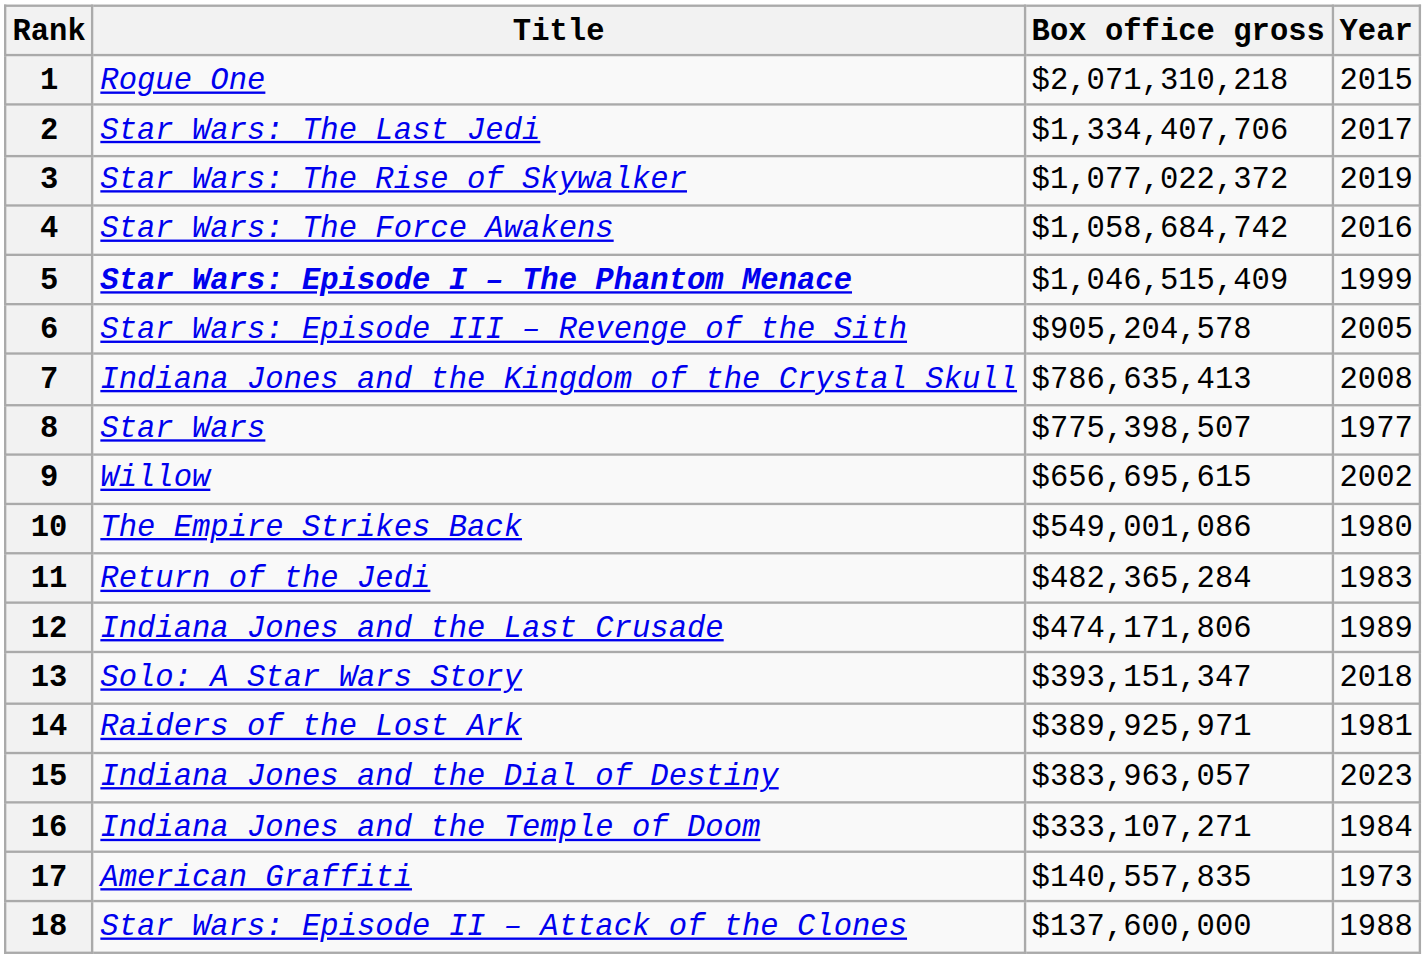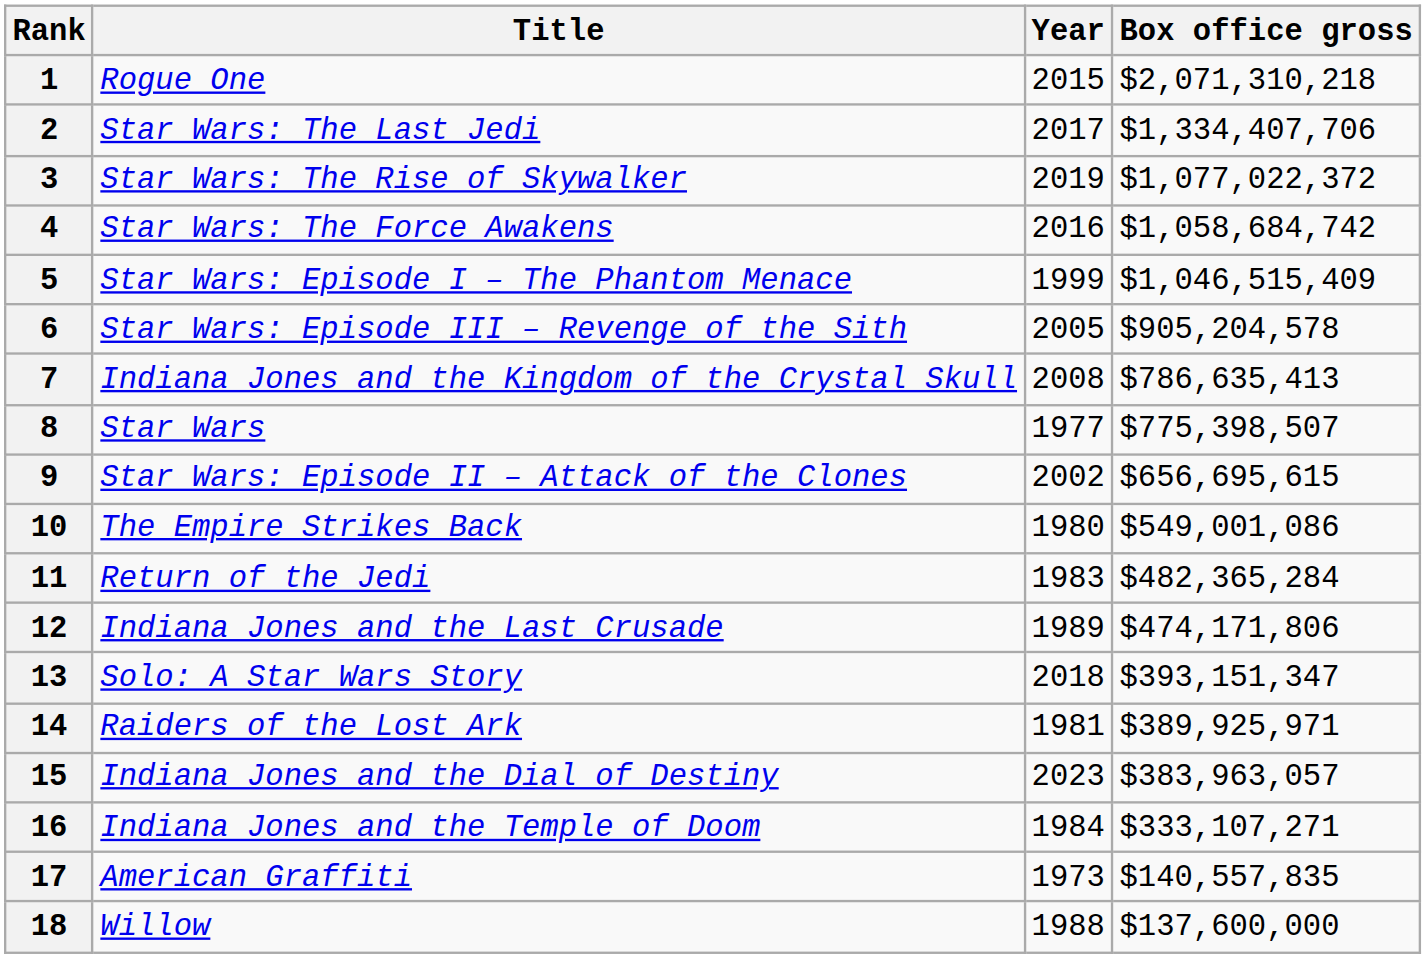 <table class="wikitable sortable" style="display:inline-table;">
 <tr>
 <th scope="col">Rank</th>
 <th scope="col">Title</th>
+<th scope="col">Year</th>
 <th scope="col">Box office gross</th>
-<th scope="col">Year</th>
 </tr>
 <tr>
 <th>1</th>
 <td><em><a href='#'>Rogue One</a></em></td>
+<td>2015</td>
 <td>$2,071,310,218</td>
-<td>2015</td>
 </tr>
 <tr>
 <th>2</th>
 <td><em><a href='#'>Star Wars: The Last Jedi</a></em></td>
+<td>2017</td>
 <td>$1,334,407,706</td>
-<td>2017</td>
 </tr>
 <tr>
 <th>3</th>
 <td><em><a href='#'>Star Wars: The Rise of Skywalker</a></em></td>
+<td>2019</td>
 <td>$1,077,022,372</td>
-<td>2019</td>
 </tr>
 <tr>
 <th>4</th>
 <td><em><a href='#'>Star Wars: The Force Awakens</a></em></td>
+<td>2016</td>
 <td>$1,058,684,742</td>
-<td>2016</td>
 </tr>
 <tr>
 <th>5</th>
-<td><strong><em><a href='#'>Star Wars: Episode I – The Phantom Menace</a></em></strong></td>
+<td><em><a href='#'>Star Wars: Episode I – The Phantom Menace</a></em></td>
+<td>1999</td>
 <td>$1,046,515,409</td>
-<td>1999</td>
 </tr>
 <tr>
 <th>6</th>
 <td><em><a href='#'>Star Wars: Episode III – Revenge of the Sith</a></em></td>
+<td>2005</td>
 <td>$905,204,578</td>
-<td>2005</td>
 </tr>
 <tr>
 <th>7</th>
 <td><em><a href='#'>Indiana Jones and the Kingdom of the Crystal Skull</a></em></td>
+<td>2008</td>
 <td>$786,635,413</td>
-<td>2008</td>
 </tr>
 <tr>
 <th>8</th>
 <td><em><a href='#'>Star Wars</a></em></td>
+<td>1977</td>
 <td>$775,398,507</td>
-<td>1977</td>
 </tr>
 <tr>
 <th>9</th>
-<td><em><a href='#'>Willow</a></em></td>
+<td><em><a href='#'>Star Wars: Episode II – Attack of the Clones</a></em></td>
+<td>2002</td>
 <td>$656,695,615</td>
-<td>2002</td>
 </tr>
 <tr>
 <th>10</th>
 <td><em><a href='#'>The Empire Strikes Back</a></em></td>
+<td>1980</td>
 <td>$549,001,086</td>
-<td>1980</td>
 </tr>
 <tr>
 <th>11</th>
 <td><em><a href='#'>Return of the Jedi</a></em></td>
+<td>1983</td>
 <td>$482,365,284</td>
-<td>1983</td>
 </tr>
 <tr>
 <th>12</th>
 <td><em><a href='#'>Indiana Jones and the Last Crusade</a></em></td>
+<td>1989</td>
 <td>$474,171,806</td>
-<td>1989</td>
 </tr>
 <tr>
 <th>13</th>
 <td><em><a href='#'>Solo: A Star Wars Story</a></em></td>
+<td>2018</td>
 <td>$393,151,347</td>
-<td>2018</td>
 </tr>
 <tr>
 <th>14</th>
 <td><em><a href='#'>Raiders of the Lost Ark</a></em></td>
+<td>1981</td>
 <td>$389,925,971</td>
-<td>1981</td>
 </tr>
 <tr>
 <th>15</th>
 <td><em><a href='#'>Indiana Jones and the Dial of Destiny</a></em></td>
+<td>2023</td>
 <td>$383,963,057</td>
-<td>2023</td>
 </tr>
 <tr>
 <th>16</th>
 <td><em><a href='#'>Indiana Jones and the Temple of Doom</a></em></td>
+<td>1984</td>
 <td>$333,107,271</td>
-<td>1984</td>
 </tr>
 <tr>
 <th>17</th>
 <td><em><a href='#'>American Graffiti</a></em></td>
+<td>1973</td>
 <td>$140,557,835</td>
-<td>1973</td>
 </tr>
 <tr>
 <th>18</th>
-<td><em><a href='#'>Star Wars: Episode II – Attack of the Clones</a></em></td>
+<td><em><a href='#'>Willow</a></em></td>
+<td>1988</td>
 <td>$137,600,000</td>
-<td>1988</td>
 </tr>
 </table>
